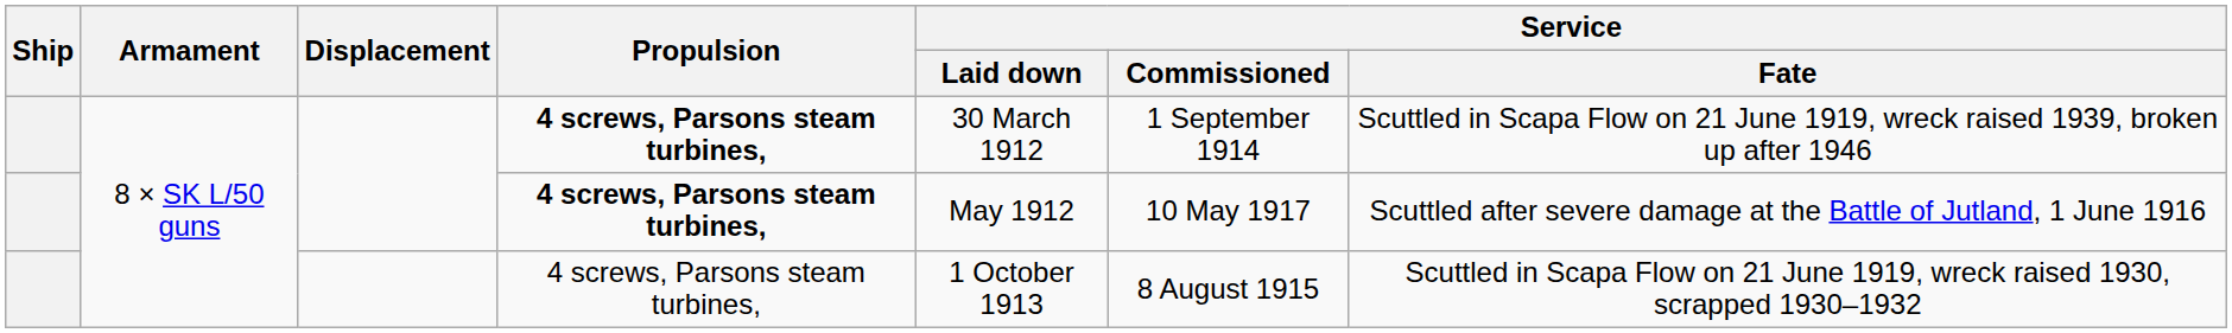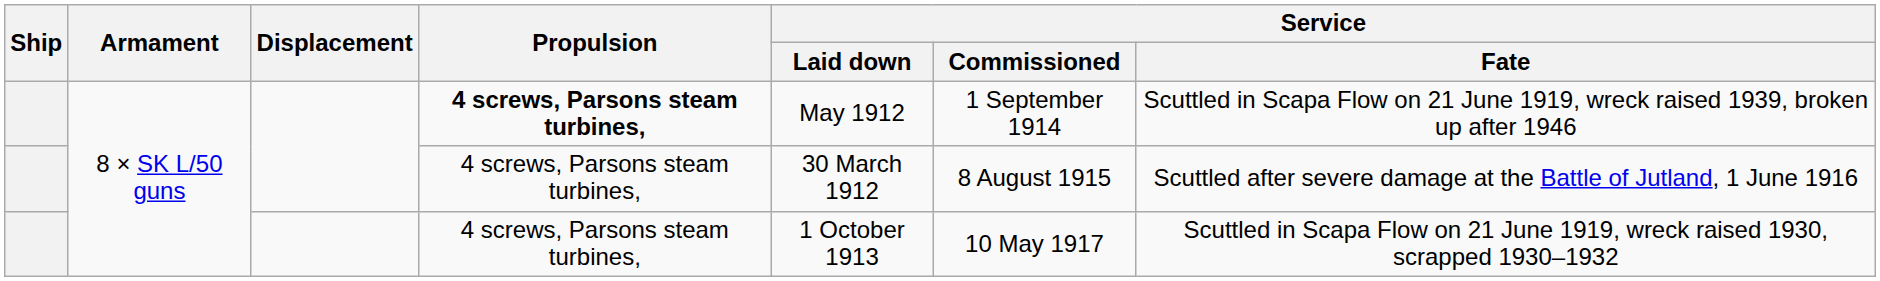 <table class="wikitable plainrowheaders" style="text-align: center">
 <tr valign="center">
 <th scope="col" rowspan="2">Ship</th>
 <th scope="col" rowspan="2">Armament</th>
 <th scope="col" rowspan="2">Displacement</th>
 <th scope="col" rowspan="2">Propulsion</th>
 <th scope="col" colspan="3">Service</th>
 </tr>
 <tr valign="center">
 <th scope="col">Laid down</th>
 <th scope="col">Commissioned</th>
 <th scope="col">Fate</th>
 </tr>
 <tr valign="center">
 <th scope="row"></th>
 <td rowspan="3">8 × <a href='#'> SK L/50 guns</a></td>
 <td rowspan="2"></td>
 <td><strong>4 screws, Parsons steam turbines, </strong></td>
-<td>30 March 1912</td>
+<td>May 1912</td>
 <td>1 September 1914</td>
 <td>Scuttled in Scapa Flow on 21 June 1919, wreck raised 1939, broken up after 1946</td>
 </tr>
 <tr valign="center">
 <th scope="row"></th>
-<td><strong>4 screws, Parsons steam turbines, </strong></td>
-<td>May 1912</td>
-<td>10 May 1917</td>
+<td>4 screws, Parsons steam turbines, </td>
+<td>30 March 1912</td>
+<td>8 August 1915</td>
 <td>Scuttled after severe damage at the <a href='#'>Battle of Jutland</a>, 1 June 1916</td>
 </tr>
 <tr valign="center">
 <th scope="row"></th>
 <td></td>
 <td>4 screws, Parsons steam turbines, </td>
 <td>1 October 1913</td>
-<td>8 August 1915</td>
+<td>10 May 1917</td>
 <td>Scuttled in Scapa Flow on 21 June 1919, wreck raised 1930, scrapped 1930–1932</td>
 </tr>
 </table>
